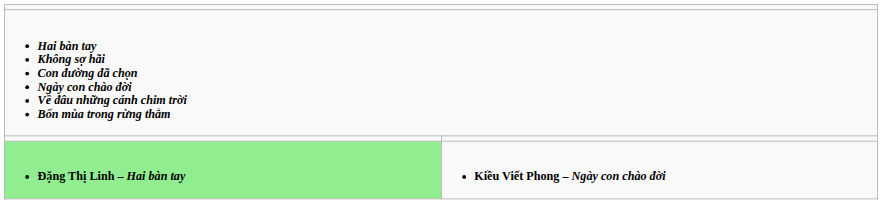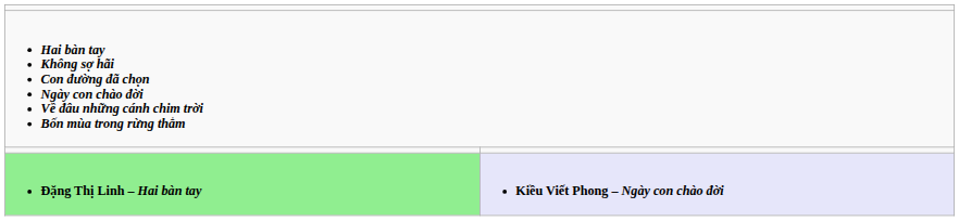 <table class="wikitable" align="center" style="width:91%;">
 <tr>
 <td colspan="2" style="vertical-align:top; width:100%;"></td>
 </tr>
 <tr>
 <td colspan="2" valign="top"><br><ul><li><strong><em><span>Hai bàn tay</span></em></strong></li><li><strong><em><span>Không sợ hãi</span></em></strong></li><li><strong><em><span>Con đường đã chọn</span></em></strong></li><li><strong><em><span>Ngày con chào đời</span></em></strong></li><li><strong><em><span>Về đâu những cánh chim trời</span></em></strong></li><li><strong><em><span>Bốn mùa trong rừng thẳm</span></em></strong></li></ul></td>
 </tr>
 <tr>
 <td style="vertical-align:top; width:50%;"></td>
 <td style="vertical-align:top; width:50%;"></td>
 </tr>
 <tr>
 <td valign="top" style="background: lightgreen;"><br><ul><li><strong>Đặng Thị Linh – <em>Hai bàn tay</em> </strong></li></ul></td>
-<td valign="top"><br><ul><li><strong>Kiều Viết Phong – <em>Ngày con chào đời</em> </strong></li></ul></td>
+<td valign="top" style="background: lavender;"><br><ul><li><strong>Kiều Viết Phong – <em>Ngày con chào đời</em> </strong></li></ul></td>
 </tr>
 </table>
